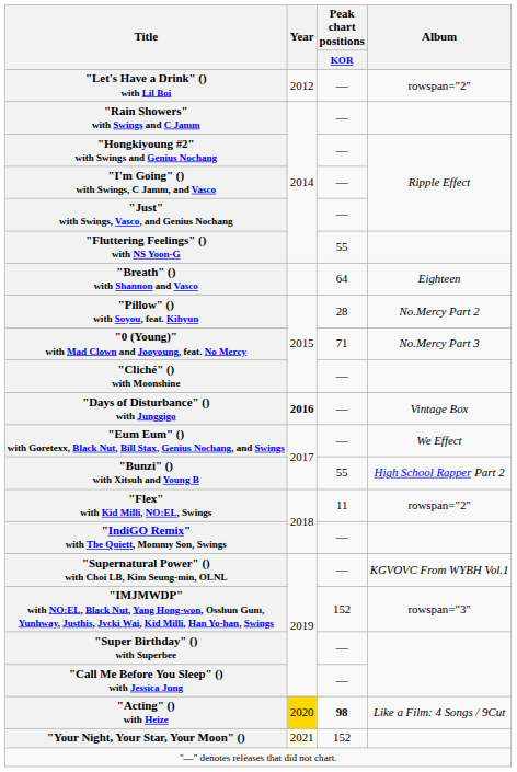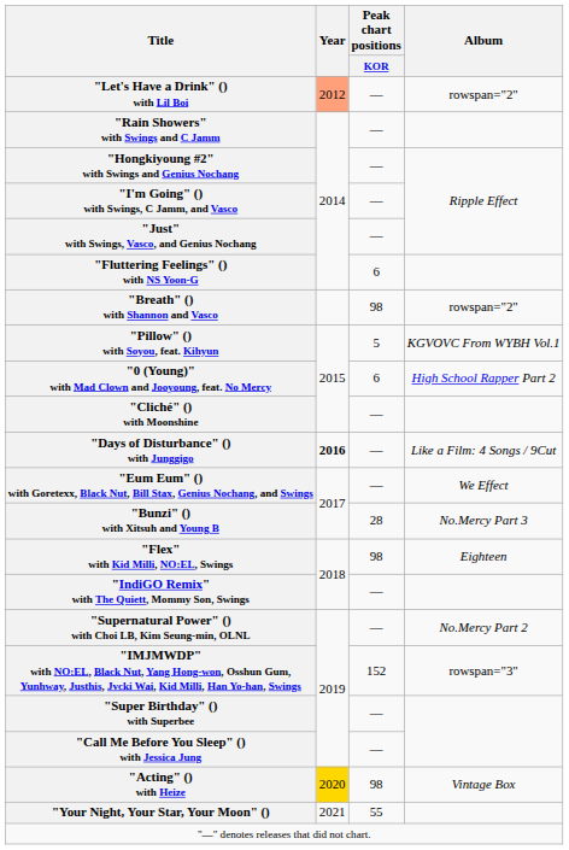 <table class="wikitable plainrowheaders" style="text-align:center;">
 <tr>
 <th rowspan="2" scope="col">Title</th>
 <th rowspan="2" scope="col">Year</th>
 <th scope="col" style="width:3em;">Peak chart positions</th>
 <th rowspan="2" scope="col">Album</th>
 </tr>
 <tr>
 <th><small><a href='#'>KOR</a></small><br></th>
 </tr>
 <tr>
 <th scope="row">"Let's Have a Drink" ()<br><small>with <a href='#'>Lil Boi</a></small></th>
-<td>2012</td>
+<td style="background: lightsalmon;">2012</td>
 <td>—</td>
 <td>rowspan="2" </td>
 </tr>
 <tr>
 <th scope="row">"Rain Showers"<br><small>with <a href='#'>Swings</a> and <a href='#'>C Jamm</a></small></th>
 <td rowspan="5">2014</td>
 <td>—</td>
 </tr>
 <tr>
 <th scope="row">"Hongkiyoung #2"<br><small>with Swings and <a href='#'>Genius Nochang</a></small></th>
 <td>—</td>
 <td rowspan="3"><em>Ripple Effect</em></td>
 </tr>
 <tr>
 <th scope="row">"I'm Going" ()<br><small>with Swings, C Jamm, and <a href='#'>Vasco</a></small></th>
 <td>—</td>
 </tr>
 <tr>
 <th scope="row">"Just"<br><small>with Swings, <a href='#'>Vasco</a>, and Genius Nochang</small></th>
 <td>—</td>
 </tr>
 <tr>
 <th scope="row">"Fluttering Feelings" ()<br><small>with <a href='#'>NS Yoon-G</a></small></th>
-<td>55</td>
+<td>6</td>
 <td></td>
 </tr>
 <tr>
 <th scope="row">"Breath" ()<br><small>with <a href='#'>Shannon</a> and <a href='#'>Vasco</a></small></th>
 <td></td>
-<td>64</td>
-<td><em>Eighteen</em></td>
+<td>98</td>
+<td>rowspan="2" </td>
 </tr>
 <tr>
 <th scope="row">"Pillow" ()<br><small>with <a href='#'>Soyou</a>, feat. <a href='#'>Kihyun</a></small></th>
 <td rowspan="3">2015</td>
-<td>28</td>
-<td><em>No.Mercy Part 2</em></td>
+<td>5</td>
+<td><em>KGVOVC From WYBH Vol.1</em></td>
 </tr>
 <tr>
 <th scope="row">"0 (Young)"<br><small>with <a href='#'>Mad Clown</a> and <a href='#'>Jooyoung</a>, feat. <a href='#'>No Mercy</a></small></th>
-<td>71</td>
-<td><em>No.Mercy Part 3</em></td>
+<td>6</td>
+<td><em><a href='#'>High School Rapper</a> Part 2</em></td>
 </tr>
 <tr>
 <th scope="row">"Cliché" ()<br><small>with Moonshine</small></th>
 <td>—</td>
 <td></td>
 </tr>
 <tr>
 <th scope="row">"Days of Disturbance" ()<br><small>with <a href='#'>Junggigo</a></small></th>
 <td><strong>2016</strong></td>
 <td>—</td>
-<td><em>Vintage Box</em></td>
+<td><em>Like a Film: 4 Songs / 9Cut</em></td>
 </tr>
 <tr>
 <th scope="row">"Eum Eum" ()<br><small>with Goretexx, <a href='#'>Black Nut</a>, <a href='#'>Bill Stax</a>, <a href='#'>Genius Nochang</a>, and <a href='#'>Swings</a></small></th>
 <td rowspan="2">2017</td>
 <td>—</td>
 <td><em>We Effect</em></td>
 </tr>
 <tr>
 <th scope="row">"Bunzi" ()<br><small>with Xitsuh and <a href='#'>Young B</a></small></th>
-<td>55</td>
-<td><em><a href='#'>High School Rapper</a> Part 2</em></td>
+<td>28</td>
+<td><em>No.Mercy Part 3</em></td>
 </tr>
 <tr>
 <th scope="row">"Flex"<br><small>with <a href='#'>Kid Milli</a>, <a href='#'>NO:EL</a>, Swings</small></th>
 <td rowspan="2">2018</td>
-<td>11</td>
-<td>rowspan="2" </td>
+<td>98</td>
+<td><em>Eighteen</em></td>
 </tr>
 <tr>
 <th scope="row">"<a href='#'>IndiGO Remix</a>"<br><small>with <a href='#'>The Quiett</a>, Mommy Son, Swings</small></th>
 <td>—</td>
 </tr>
 <tr>
 <th scope="row">"Supernatural Power" ()<br><small>with Choi LB, Kim Seung-min, OLNL</small></th>
 <td rowspan="4">2019</td>
 <td>—</td>
-<td><em>KGVOVC From WYBH Vol.1</em></td>
+<td><em>No.Mercy Part 2</em></td>
 </tr>
 <tr>
 <th scope="row">"IMJMWDP"<br><small>with <a href='#'>NO:EL</a>, <a href='#'>Black Nut</a>, <a href='#'>Yang Hong-won</a>, Osshun Gum,<br><a href='#'>Yunhway</a>, <a href='#'>Justhis</a>, <a href='#'>Jvcki Wai</a>, <a href='#'>Kid Milli</a>, <a href='#'>Han Yo-han</a>, <a href='#'>Swings</a></small></th>
 <td>152</td>
 <td>rowspan="3" </td>
 </tr>
 <tr>
 <th scope="row">"Super Birthday" ()<br><small>with Superbee</small></th>
 <td>—</td>
 </tr>
 <tr>
 <th scope="row">"Call Me Before You Sleep" ()<br><small>with <a href='#'>Jessica Jung</a></small></th>
 <td>—</td>
 </tr>
 <tr>
 <th scope="row">"Acting" ()<br><small>with <a href='#'>Heize</a></small></th>
 <td style="background: gold;">2020</td>
-<td><strong>98</strong></td>
-<td><em>Like a Film: 4 Songs / 9Cut</em></td>
+<td>98</td>
+<td><em>Vintage Box</em></td>
 </tr>
 <tr>
 <th scope="row">"Your Night, Your Star, Your Moon" ()<br></th>
-<td style="background: lightyellow;">2021</td>
-<td>152</td>
+<td>2021</td>
+<td>55</td>
 <td></td>
 </tr>
 <tr>
 <td colspan="4"><small>"—" denotes releases that did not chart.</small></td>
 </tr>
 </table>
